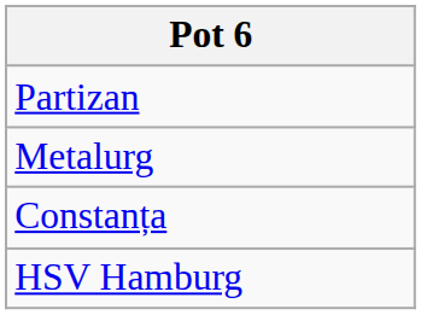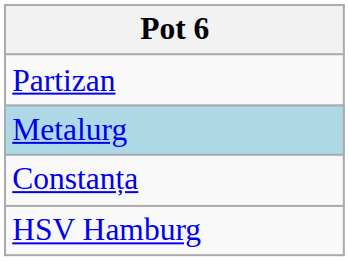 <table class="wikitable">
 <tr>
 <th width=165>Pot 6</th>
 </tr>
 <tr>
 <td> <a href='#'>Partizan</a></td>
 </tr>
 <tr>
-<td> <a href='#'>Metalurg</a></td>
+<td style="background: lightblue;"> <a href='#'>Metalurg</a></td>
 </tr>
 <tr>
 <td> <a href='#'>Constanța</a></td>
 </tr>
 <tr>
 <td> <a href='#'>HSV Hamburg</a></td>
 </tr>
 </table>
